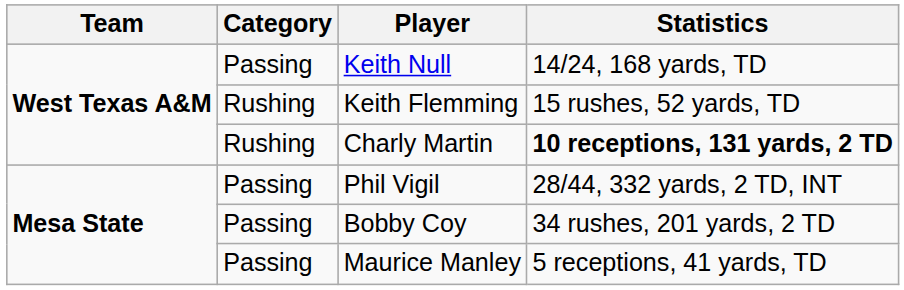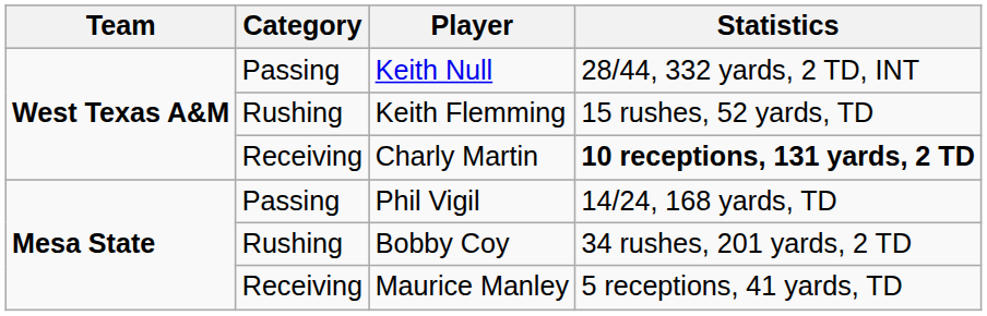 <table class="wikitable" style="float: right;">
 <tr>
 <th>Team</th>
 <th>Category</th>
 <th>Player</th>
 <th>Statistics</th>
 </tr>
 <tr>
 <td rowspan=3><strong>West Texas A&M</strong></td>
 <td>Passing</td>
 <td><a href='#'>Keith Null</a></td>
-<td>14/24, 168 yards, TD</td>
+<td>28/44, 332 yards, 2 TD, INT</td>
 </tr>
 <tr>
 <td>Rushing</td>
 <td>Keith Flemming</td>
 <td>15 rushes, 52 yards, TD</td>
 </tr>
 <tr>
-<td>Rushing</td>
+<td>Receiving</td>
 <td>Charly Martin</td>
 <td><strong>10 receptions, 131 yards, 2 TD</strong></td>
 </tr>
 <tr>
 <td rowspan=3><strong>Mesa State</strong></td>
 <td>Passing</td>
 <td>Phil Vigil</td>
-<td>28/44, 332 yards, 2 TD, INT</td>
+<td>14/24, 168 yards, TD</td>
 </tr>
 <tr>
-<td>Passing</td>
+<td>Rushing</td>
 <td>Bobby Coy</td>
 <td>34 rushes, 201 yards, 2 TD</td>
 </tr>
 <tr>
-<td>Passing</td>
+<td>Receiving</td>
 <td>Maurice Manley</td>
 <td>5 receptions, 41 yards, TD</td>
 </tr>
 </table>
